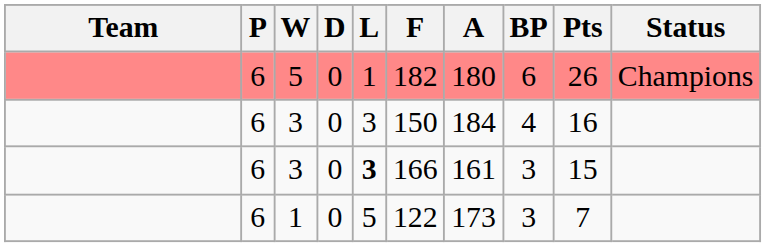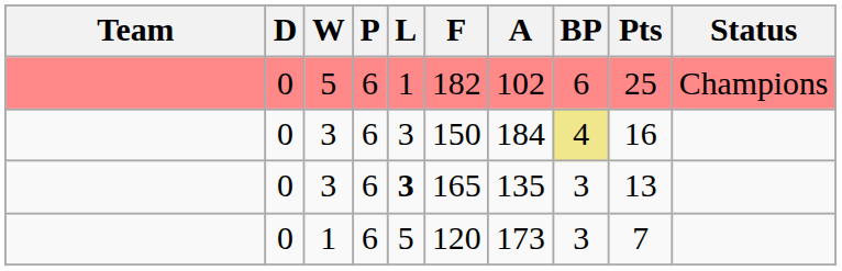 <table class="wikitable" style="text-align:center;">
 <tr>
 <th width="120px">Team</th>
+<th>D</th>
+<th>W</th>
 <th>P</th>
-<th>W</th>
-<th>D</th>
 <th>L</th>
 <th width="23px">F</th>
 <th width="23px">A</th>
 <th>BP</th>
 <th width="23px">Pts</th>
 <th>Status</th>
 </tr>
 <tr bgcolor="#FF8888">
 <td></td>
+<td>0</td>
+<td>5</td>
 <td>6</td>
-<td>5</td>
-<td>0</td>
 <td>1</td>
 <td>182</td>
-<td>180</td>
+<td>102</td>
 <td>6</td>
-<td>26</td>
+<td>25</td>
 <td>Champions</td>
 </tr>
 <tr>
 <td></td>
+<td>0</td>
+<td>3</td>
 <td>6</td>
-<td>3</td>
-<td>0</td>
 <td>3</td>
 <td>150</td>
 <td>184</td>
-<td>4</td>
+<td style="background: khaki;">4</td>
 <td>16</td>
 <td></td>
 </tr>
 <tr>
 <td></td>
+<td>0</td>
+<td>3</td>
 <td>6</td>
+<td><strong>3</strong></td>
+<td>165</td>
+<td>135</td>
 <td>3</td>
-<td>0</td>
-<td><strong>3</strong></td>
-<td>166</td>
-<td>161</td>
-<td>3</td>
-<td>15</td>
+<td>13</td>
 <td></td>
 </tr>
 <tr>
 <td></td>
+<td>0</td>
+<td>1</td>
 <td>6</td>
-<td>1</td>
-<td>0</td>
 <td>5</td>
-<td>122</td>
+<td>120</td>
 <td>173</td>
 <td>3</td>
 <td>7</td>
 <td></td>
 </tr>
 </table>
